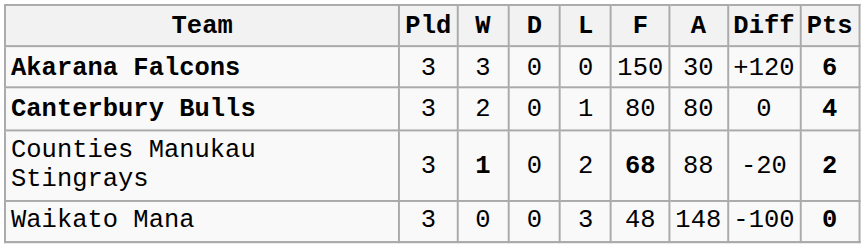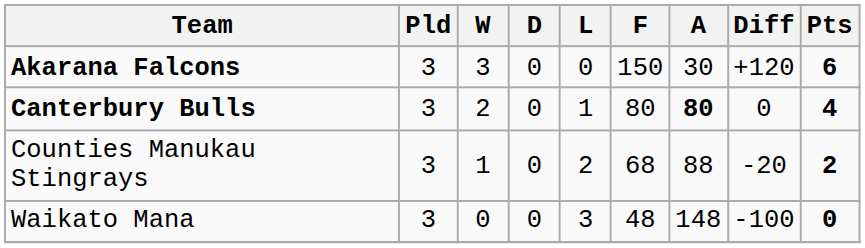 <table class="wikitable" style="text-align:center;">
 <tr>
 <th width=195>Team</th>
 <th width=20 abbr="Played">Pld</th>
 <th width=20 abbr="Won">W</th>
 <th width=20 abbr="Drawn">D</th>
 <th width=20 abbr="Lost">L</th>
 <th width=20 abbr="For">F</th>
 <th width=20 abbr="Against">A</th>
 <th width=20 abbr="Difference">Diff</th>
 <th width=20 abbr="Points">Pts</th>
 </tr>
 <tr>
 <td style="text-align:left;"><strong>Akarana Falcons</strong></td>
 <td>3</td>
 <td>3</td>
 <td>0</td>
 <td>0</td>
 <td>150</td>
 <td>30</td>
 <td>+120</td>
 <td><strong>6</strong></td>
 </tr>
 <tr>
 <td style="text-align:left;"><strong>Canterbury Bulls</strong></td>
 <td>3</td>
 <td>2</td>
 <td>0</td>
 <td>1</td>
 <td>80</td>
-<td>80</td>
+<td><strong>80</strong></td>
 <td>0</td>
 <td><strong>4</strong></td>
 </tr>
 <tr>
 <td style="text-align:left;">Counties Manukau Stingrays</td>
 <td>3</td>
-<td><strong>1</strong></td>
+<td>1</td>
 <td>0</td>
 <td>2</td>
-<td><strong>68</strong></td>
+<td>68</td>
 <td>88</td>
 <td>-20</td>
 <td><strong>2</strong></td>
 </tr>
 <tr>
 <td style="text-align:left;">Waikato Mana</td>
 <td>3</td>
 <td>0</td>
 <td>0</td>
 <td>3</td>
 <td>48</td>
 <td>148</td>
 <td>-100</td>
 <td><strong>0</strong></td>
 </tr>
 <tr>
 </tr>
 </table>
